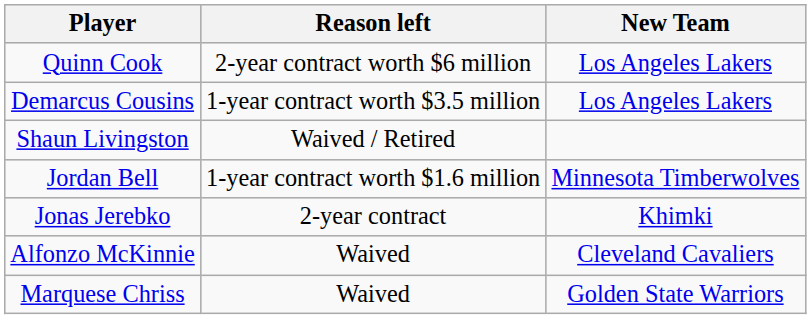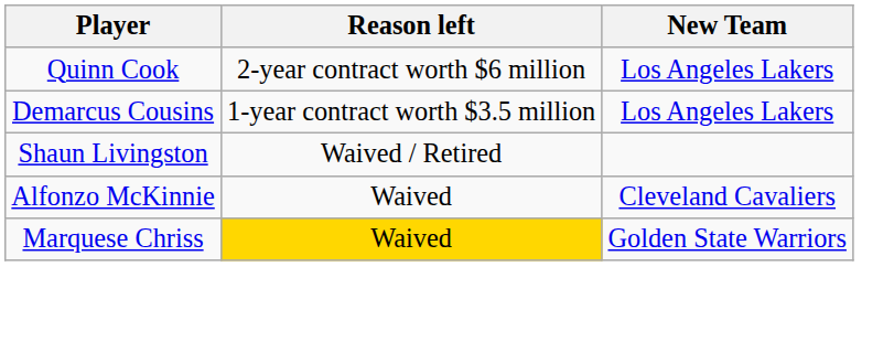 <table class="wikitable sortable sortable" style="text-align: center">
 <tr>
 <th>Player</th>
 <th>Reason left</th>
 <th>New Team</th>
 </tr>
 <tr style="text-align: center">
 <td><a href='#'>Quinn Cook</a></td>
 <td>2-year contract worth $6 million</td>
 <td><a href='#'>Los Angeles Lakers</a></td>
 </tr>
 <tr>
 <td><a href='#'>Demarcus Cousins</a></td>
 <td>1-year contract worth $3.5 million</td>
 <td><a href='#'>Los Angeles Lakers</a></td>
 </tr>
 <tr>
 <td><a href='#'>Shaun Livingston</a></td>
 <td>Waived / Retired</td>
 <td></td>
 </tr>
 <tr>
-<td><a href='#'>Jordan Bell</a></td>
-<td>1-year contract worth $1.6 million</td>
-<td><a href='#'>Minnesota Timberwolves</a></td>
-</tr>
-<tr>
-<td><a href='#'>Jonas Jerebko</a></td>
-<td>2-year contract</td>
-<td> <a href='#'>Khimki</a></td>
-</tr>
-<tr>
 <td><a href='#'>Alfonzo McKinnie</a></td>
 <td>Waived</td>
 <td><a href='#'>Cleveland Cavaliers</a></td>
 </tr>
 <tr>
 <td><a href='#'>Marquese Chriss</a></td>
-<td>Waived</td>
+<td style="background: gold;">Waived</td>
 <td><a href='#'>Golden State Warriors</a></td>
 </tr>
 </table>
